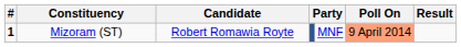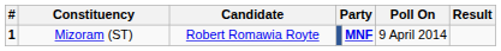 <table class="wikitable sortable" style="text-align:center;">
 <tr>
 <th>#</th>
 <th style="width:180px;">Constituency</th>
 <th style="width:200px;">Candidate</th>
 <th colspan="2">Party</th>
 <th>Poll On</th>
 <th>Result</th>
 </tr>
 <tr>
 <td style="text-align:center;"><strong>1</strong></td>
 <td><a href='#'>Mizoram</a> (ST)</td>
 <td><a href='#'>Robert Romawia Royte</a></td>
 <td bgcolor=#2E5694></td>
-<td><a href='#'>MNF</a></td>
-<td style="background: lightsalmon;">9 April 2014</td>
+<td><strong><a href='#'>MNF</a></strong></td>
+<td>9 April 2014</td>
 <td></td>
 </tr>
 </table>
